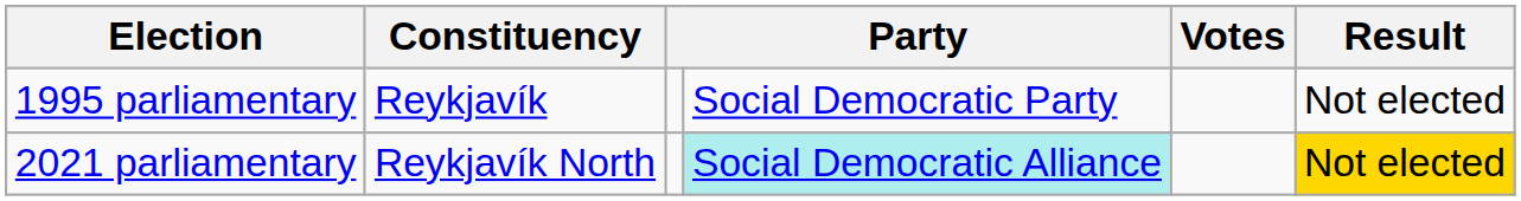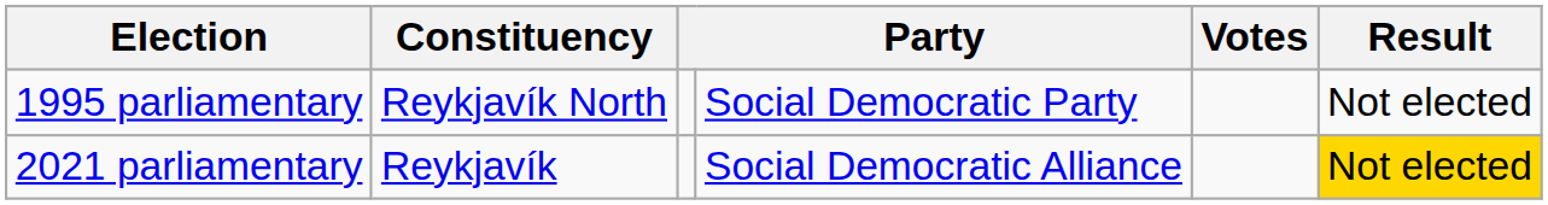 <table class="wikitable" style="text-align:left;">
 <tr>
 <th scope=col>Election</th>
 <th scope=col>Constituency</th>
 <th scope=col colspan="2">Party</th>
 <th scope=col>Votes</th>
 <th scope=col>Result</th>
 </tr>
 <tr>
 <td><a href='#'>1995 parliamentary</a></td>
-<td><a href='#'>Reykjavík</a></td>
+<td><a href='#'>Reykjavík North</a></td>
 <td style="background:"></td>
 <td><a href='#'>Social Democratic Party</a></td>
 <td align=right></td>
 <td>Not elected</td>
 </tr>
 <tr>
 <td><a href='#'>2021 parliamentary</a></td>
-<td><a href='#'>Reykjavík North</a></td>
+<td><a href='#'>Reykjavík</a></td>
 <td style="background:"></td>
-<td style="background: paleturquoise;"><a href='#'>Social Democratic Alliance</a></td>
+<td><a href='#'>Social Democratic Alliance</a></td>
 <td align=right></td>
 <td style="background: gold;">Not elected</td>
 </tr>
 </table>
